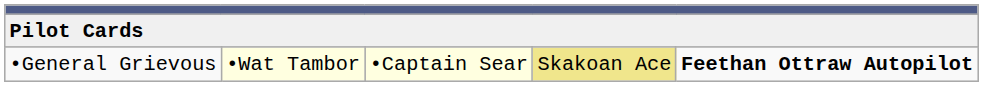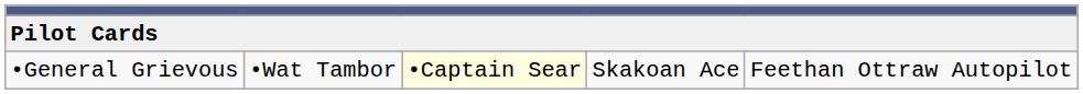 <table class="wikitable sortable">
 <tr style="background:#4D5A86;">
 <td colspan="8"></td>
 </tr>
 <tr style="background:#f0f0f0;">
 <td colspan="7"><strong>Pilot Cards</strong></td>
 </tr>
 <tr>
 <td>•General Grievous</td>
-<td style="background: lightyellow;">•Wat Tambor</td>
+<td>•Wat Tambor</td>
 <td style="background: lightyellow;">•Captain Sear</td>
-<td style="background: khaki;">Skakoan Ace</td>
-<td><strong>Feethan Ottraw Autopilot</strong></td>
+<td>Skakoan Ace</td>
+<td>Feethan Ottraw Autopilot</td>
 </tr>
 </table>
